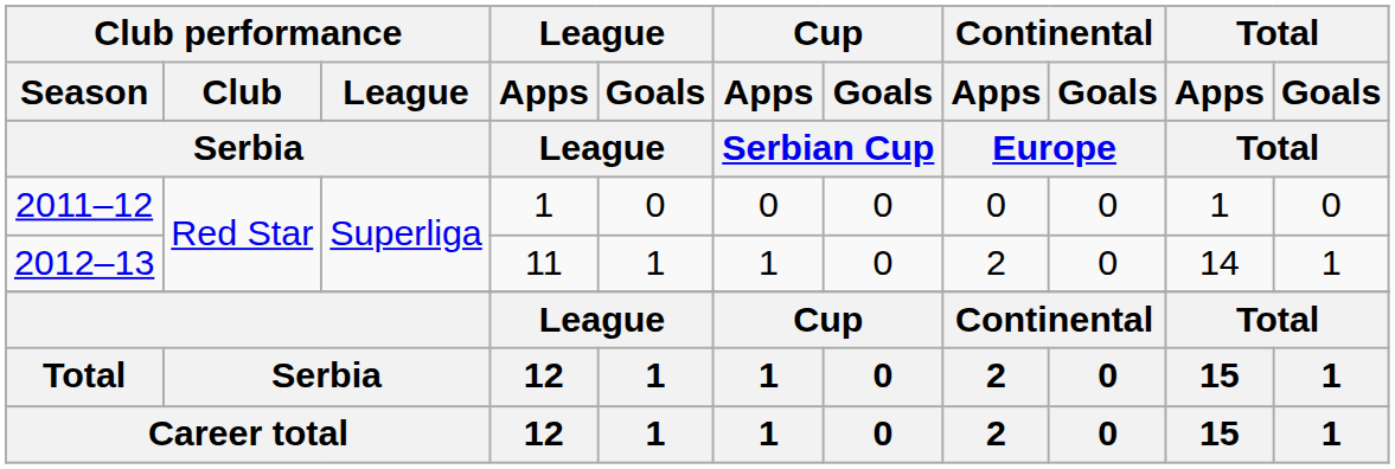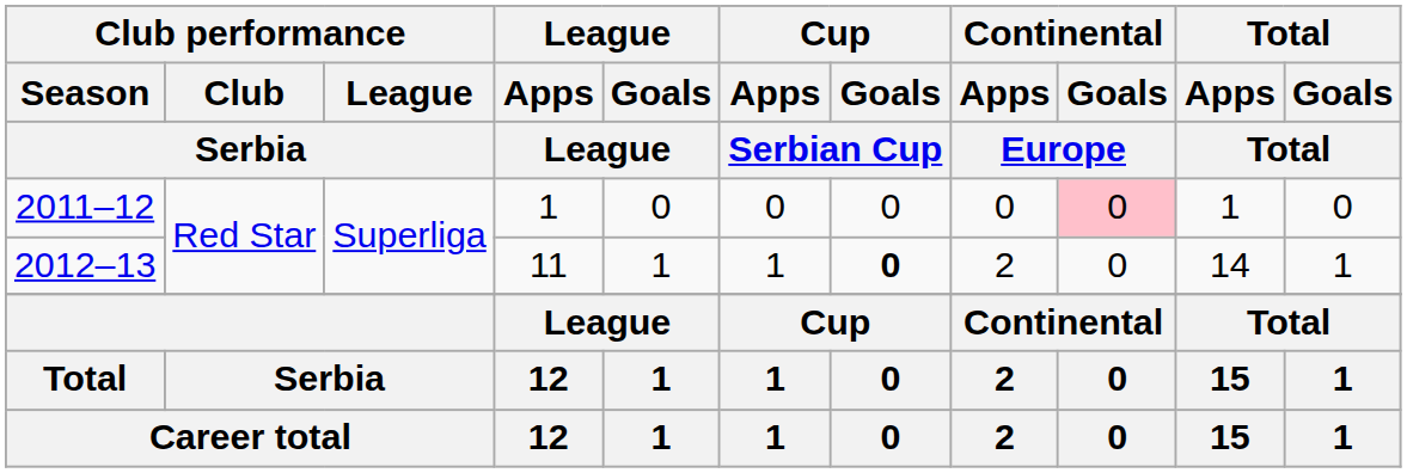 <table class="wikitable" style="text-align:center">
 <tr>
 <th colspan=3>Club performance</th>
 <th colspan=2>League</th>
 <th colspan=2>Cup</th>
 <th colspan=2>Continental</th>
 <th colspan=2>Total</th>
 </tr>
 <tr>
 <th>Season</th>
 <th>Club</th>
 <th>League</th>
 <th>Apps</th>
 <th>Goals</th>
 <th>Apps</th>
 <th>Goals</th>
 <th>Apps</th>
 <th>Goals</th>
 <th>Apps</th>
 <th>Goals</th>
 </tr>
 <tr>
 <th colspan=3>Serbia</th>
 <th colspan=2>League</th>
 <th colspan=2><a href='#'>Serbian Cup</a></th>
 <th colspan=2><a href='#'>Europe</a></th>
 <th colspan=2>Total</th>
 </tr>
 <tr>
 <td><a href='#'>2011–12</a></td>
 <td rowspan="2"><a href='#'>Red Star</a></td>
 <td rowspan="2"><a href='#'>Superliga</a></td>
 <td>1</td>
 <td>0</td>
 <td>0</td>
 <td>0</td>
 <td>0</td>
-<td>0</td>
+<td style="background: pink;">0</td>
 <td>1</td>
 <td>0</td>
 </tr>
 <tr>
 <td><a href='#'>2012–13</a></td>
 <td>11</td>
 <td>1</td>
 <td>1</td>
-<td>0</td>
+<td><strong>0</strong></td>
 <td>2</td>
 <td>0</td>
 <td>14</td>
 <td>1</td>
 </tr>
 <tr>
 </tr>
 <tr>
 <th colspan=3></th>
 <th colspan=2>League</th>
 <th colspan=2>Cup</th>
 <th colspan=2>Continental</th>
 <th colspan=2>Total</th>
 </tr>
 <tr>
 <th rowspan=1>Total</th>
 <th colspan=2>Serbia</th>
 <th>12</th>
 <th>1</th>
 <th>1</th>
 <th>0</th>
 <th>2</th>
 <th>0</th>
 <th>15</th>
 <th>1</th>
 </tr>
 <tr>
 <th colspan=3>Career total</th>
 <th>12</th>
 <th>1</th>
 <th>1</th>
 <th>0</th>
 <th>2</th>
 <th>0</th>
 <th>15</th>
 <th>1</th>
 </tr>
 </table>
